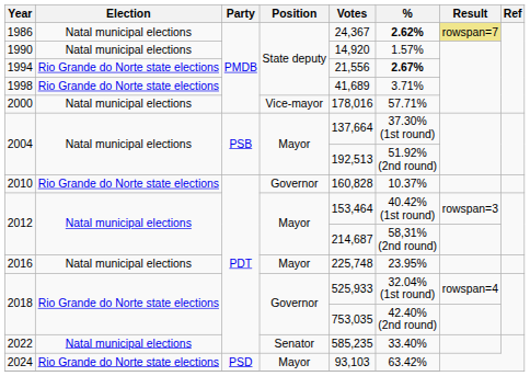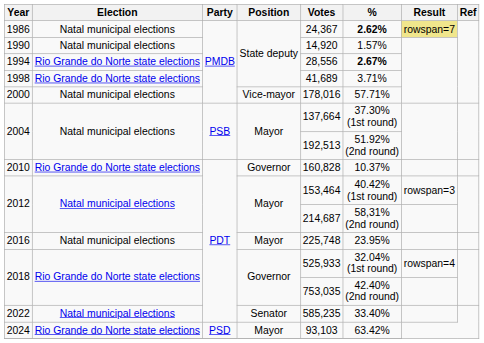 <table class="wikitable" style="text-align:center">
 <tr>
 <th>Year</th>
 <th>Election</th>
 <th>Party</th>
 <th>Position</th>
 <th>Votes</th>
 <th>%</th>
 <th>Result</th>
 <th>Ref</th>
 </tr>
 <tr>
 <td>1986</td>
 <td>Natal municipal elections</td>
 <td rowspan="5"><a href='#'>PMDB</a></td>
 <td rowspan="4">State deputy</td>
 <td>24,367</td>
 <td><strong>2.62%</strong></td>
 <td style="background: khaki;">rowspan=7 </td>
 <td rowspan=5></td>
 </tr>
 <tr>
 <td>1990</td>
 <td>Natal municipal elections</td>
 <td>14,920</td>
 <td>1.57%</td>
 </tr>
 <tr>
 <td>1994</td>
 <td><a href='#'>Rio Grande do Norte state elections</a></td>
-<td>21,556</td>
+<td>28,556</td>
 <td><strong>2.67%</strong></td>
 </tr>
 <tr>
 <td>1998</td>
 <td><a href='#'>Rio Grande do Norte state elections</a></td>
 <td>41,689</td>
 <td>3.71%</td>
 </tr>
 <tr>
 <td>2000</td>
 <td>Natal municipal elections</td>
 <td>Vice-mayor</td>
 <td>178,016</td>
 <td>57.71%</td>
 </tr>
 <tr>
 <td rowspan="2">2004</td>
 <td rowspan="2">Natal municipal elections</td>
 <td rowspan="2"><a href='#'>PSB</a></td>
 <td rowspan="2">Mayor</td>
 <td>137,664</td>
 <td>37.30% <br>(1st round)</td>
 <td rowspan=2></td>
 </tr>
 <tr>
 <td>192,513</td>
 <td>51.92%<br>(2nd round)</td>
 </tr>
 <tr>
 <td>2010</td>
 <td><a href='#'>Rio Grande do Norte state elections</a></td>
 <td rowspan="7"><a href='#'>PDT</a></td>
 <td>Governor</td>
 <td>160,828</td>
 <td>10.37%</td>
 <td></td>
 <td></td>
 </tr>
 <tr>
 <td rowspan="2">2012</td>
 <td rowspan="2"><a href='#'>Natal municipal elections</a></td>
 <td rowspan="2">Mayor</td>
 <td>153,464</td>
 <td>40.42% <br> (1st round)</td>
 <td>rowspan=3 </td>
 <td rowspan="2"></td>
 </tr>
 <tr>
 <td>214,687</td>
 <td>58,31% <br>(2nd round)</td>
 </tr>
 <tr>
 <td>2016</td>
 <td>Natal municipal elections</td>
 <td>Mayor</td>
 <td>225,748</td>
 <td>23.95%</td>
 <td></td>
 </tr>
 <tr>
 <td rowspan="2">2018</td>
 <td rowspan="2"><a href='#'>Rio Grande do Norte state elections</a></td>
 <td rowspan="2">Governor</td>
 <td>525,933</td>
 <td>32.04% <br>(1st round)</td>
 <td>rowspan=4 </td>
 <td rowspan="2"></td>
 </tr>
 <tr>
 <td>753,035</td>
 <td>42.40% <br>(2nd round)</td>
 </tr>
 <tr>
 <td>2022</td>
 <td><a href='#'>Natal municipal elections</a></td>
 <td>Senator</td>
 <td>585,235</td>
 <td>33.40%</td>
 <td></td>
 </tr>
 <tr>
 <td>2024</td>
 <td><a href='#'>Rio Grande do Norte state elections</a></td>
 <td><a href='#'>PSD</a></td>
 <td>Mayor</td>
 <td>93,103</td>
 <td>63.42%</td>
 </tr>
 <tr>
 </tr>
 </table>
